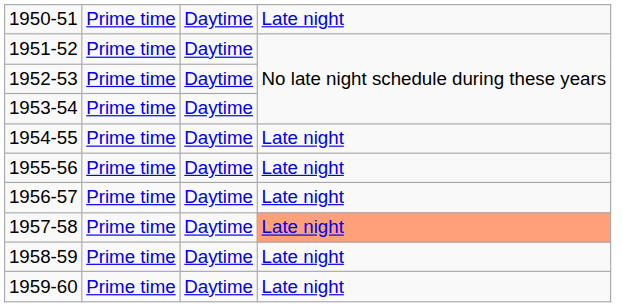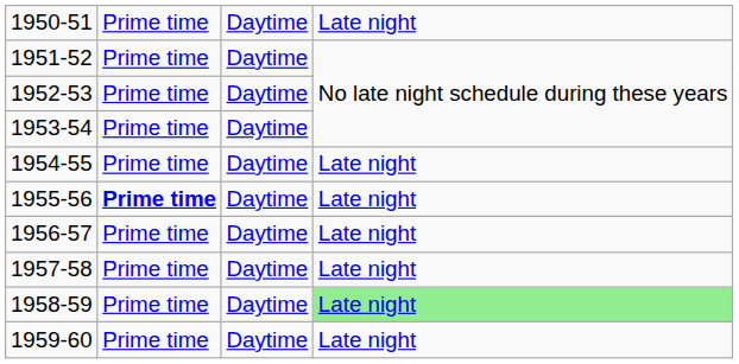 <table class="wikitable" border="1">
 <tr>
 <td>1950-51</td>
 <td><a href='#'>Prime time</a></td>
 <td><a href='#'>Daytime</a></td>
 <td><a href='#'>Late night</a></td>
 </tr>
 <tr>
 <td>1951-52</td>
 <td><a href='#'>Prime time</a></td>
 <td><a href='#'>Daytime</a></td>
 <td rowspan="3">No late night schedule during these years</td>
 </tr>
 <tr>
 <td>1952-53</td>
 <td><a href='#'>Prime time</a></td>
 <td><a href='#'>Daytime</a></td>
 </tr>
 <tr>
 <td>1953-54</td>
 <td><a href='#'>Prime time</a></td>
 <td><a href='#'>Daytime</a></td>
 </tr>
 <tr>
 <td>1954-55</td>
 <td><a href='#'>Prime time</a></td>
 <td><a href='#'>Daytime</a></td>
 <td><a href='#'>Late night</a></td>
 </tr>
 <tr>
 <td>1955-56</td>
-<td><a href='#'>Prime time</a></td>
+<td><strong><a href='#'>Prime time</a></strong></td>
 <td><a href='#'>Daytime</a></td>
 <td><a href='#'>Late night</a></td>
 </tr>
 <tr>
 <td>1956-57</td>
 <td><a href='#'>Prime time</a></td>
 <td><a href='#'>Daytime</a></td>
 <td><a href='#'>Late night</a></td>
 </tr>
 <tr>
 <td>1957-58</td>
 <td><a href='#'>Prime time</a></td>
 <td><a href='#'>Daytime</a></td>
-<td style="background: lightsalmon;"><a href='#'>Late night</a></td>
+<td><a href='#'>Late night</a></td>
 </tr>
 <tr>
 <td>1958-59</td>
 <td><a href='#'>Prime time</a></td>
 <td><a href='#'>Daytime</a></td>
-<td><a href='#'>Late night</a></td>
+<td style="background: lightgreen;"><a href='#'>Late night</a></td>
 </tr>
 <tr>
 <td>1959-60</td>
 <td><a href='#'>Prime time</a></td>
 <td><a href='#'>Daytime</a></td>
 <td><a href='#'>Late night</a></td>
 </tr>
 </table>
